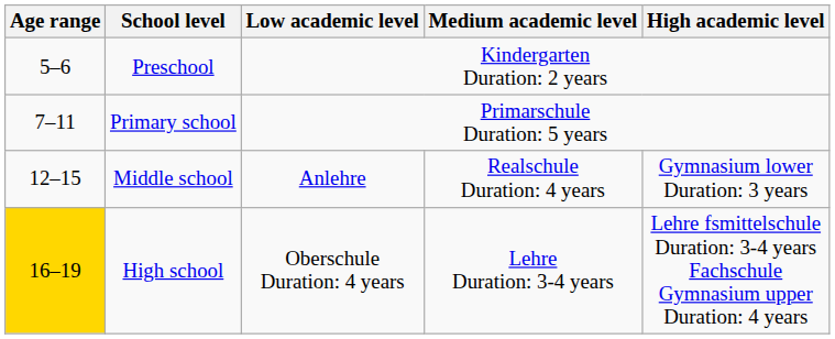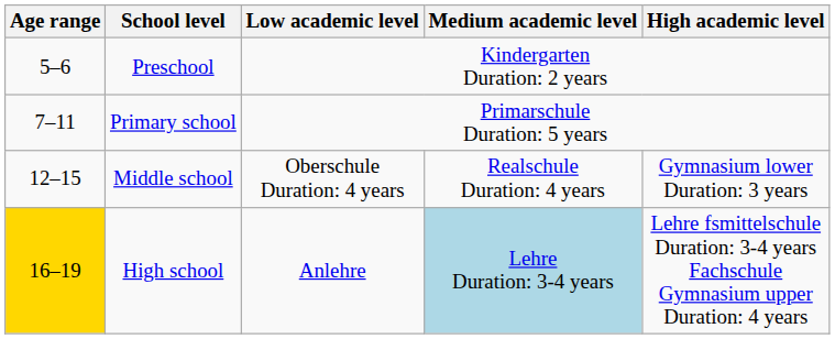 <table class="wikitable" style="text-align:center">
 <tr class=hintergrundfarbe6>
 <th>Age range</th>
 <th>School level</th>
 <th>Low academic level</th>
 <th>Medium academic level</th>
 <th>High academic level</th>
 </tr>
 <tr>
 <td>5–6</td>
 <td><a href='#'>Preschool</a></td>
 <td colspan="3"><a href='#'>Kindergarten</a><br>Duration: 2 years</td>
 </tr>
 <tr>
 <td>7–11</td>
 <td><a href='#'>Primary school</a></td>
 <td colspan="3"><a href='#'>Primarschule</a><br>Duration: 5 years</td>
 </tr>
 <tr>
 <td>12–15</td>
 <td><a href='#'>Middle school</a></td>
-<td><a href='#'>Anlehre</a></td>
+<td>Oberschule<br>Duration: 4 years</td>
 <td><a href='#'>Realschule</a><br>Duration: 4 years</td>
 <td><a href='#'>Gymnasium lower</a><br>Duration: 3 years</td>
 </tr>
 <tr>
 <td style="background: gold;">16–19</td>
 <td><a href='#'>High school</a></td>
-<td>Oberschule<br>Duration: 4 years</td>
-<td><a href='#'>Lehre</a> <br>Duration: 3-4 years</td>
+<td><a href='#'>Anlehre</a></td>
+<td style="background: lightblue;"><a href='#'>Lehre</a> <br>Duration: 3-4 years</td>
 <td><a href='#'>Lehre   fsmittelschule</a><br>Duration: 3-4 years <br><a href='#'>Fachschule</a><br><a href='#'>Gymnasium upper</a><br>Duration: 4 years</td>
 </tr>
 </table>
